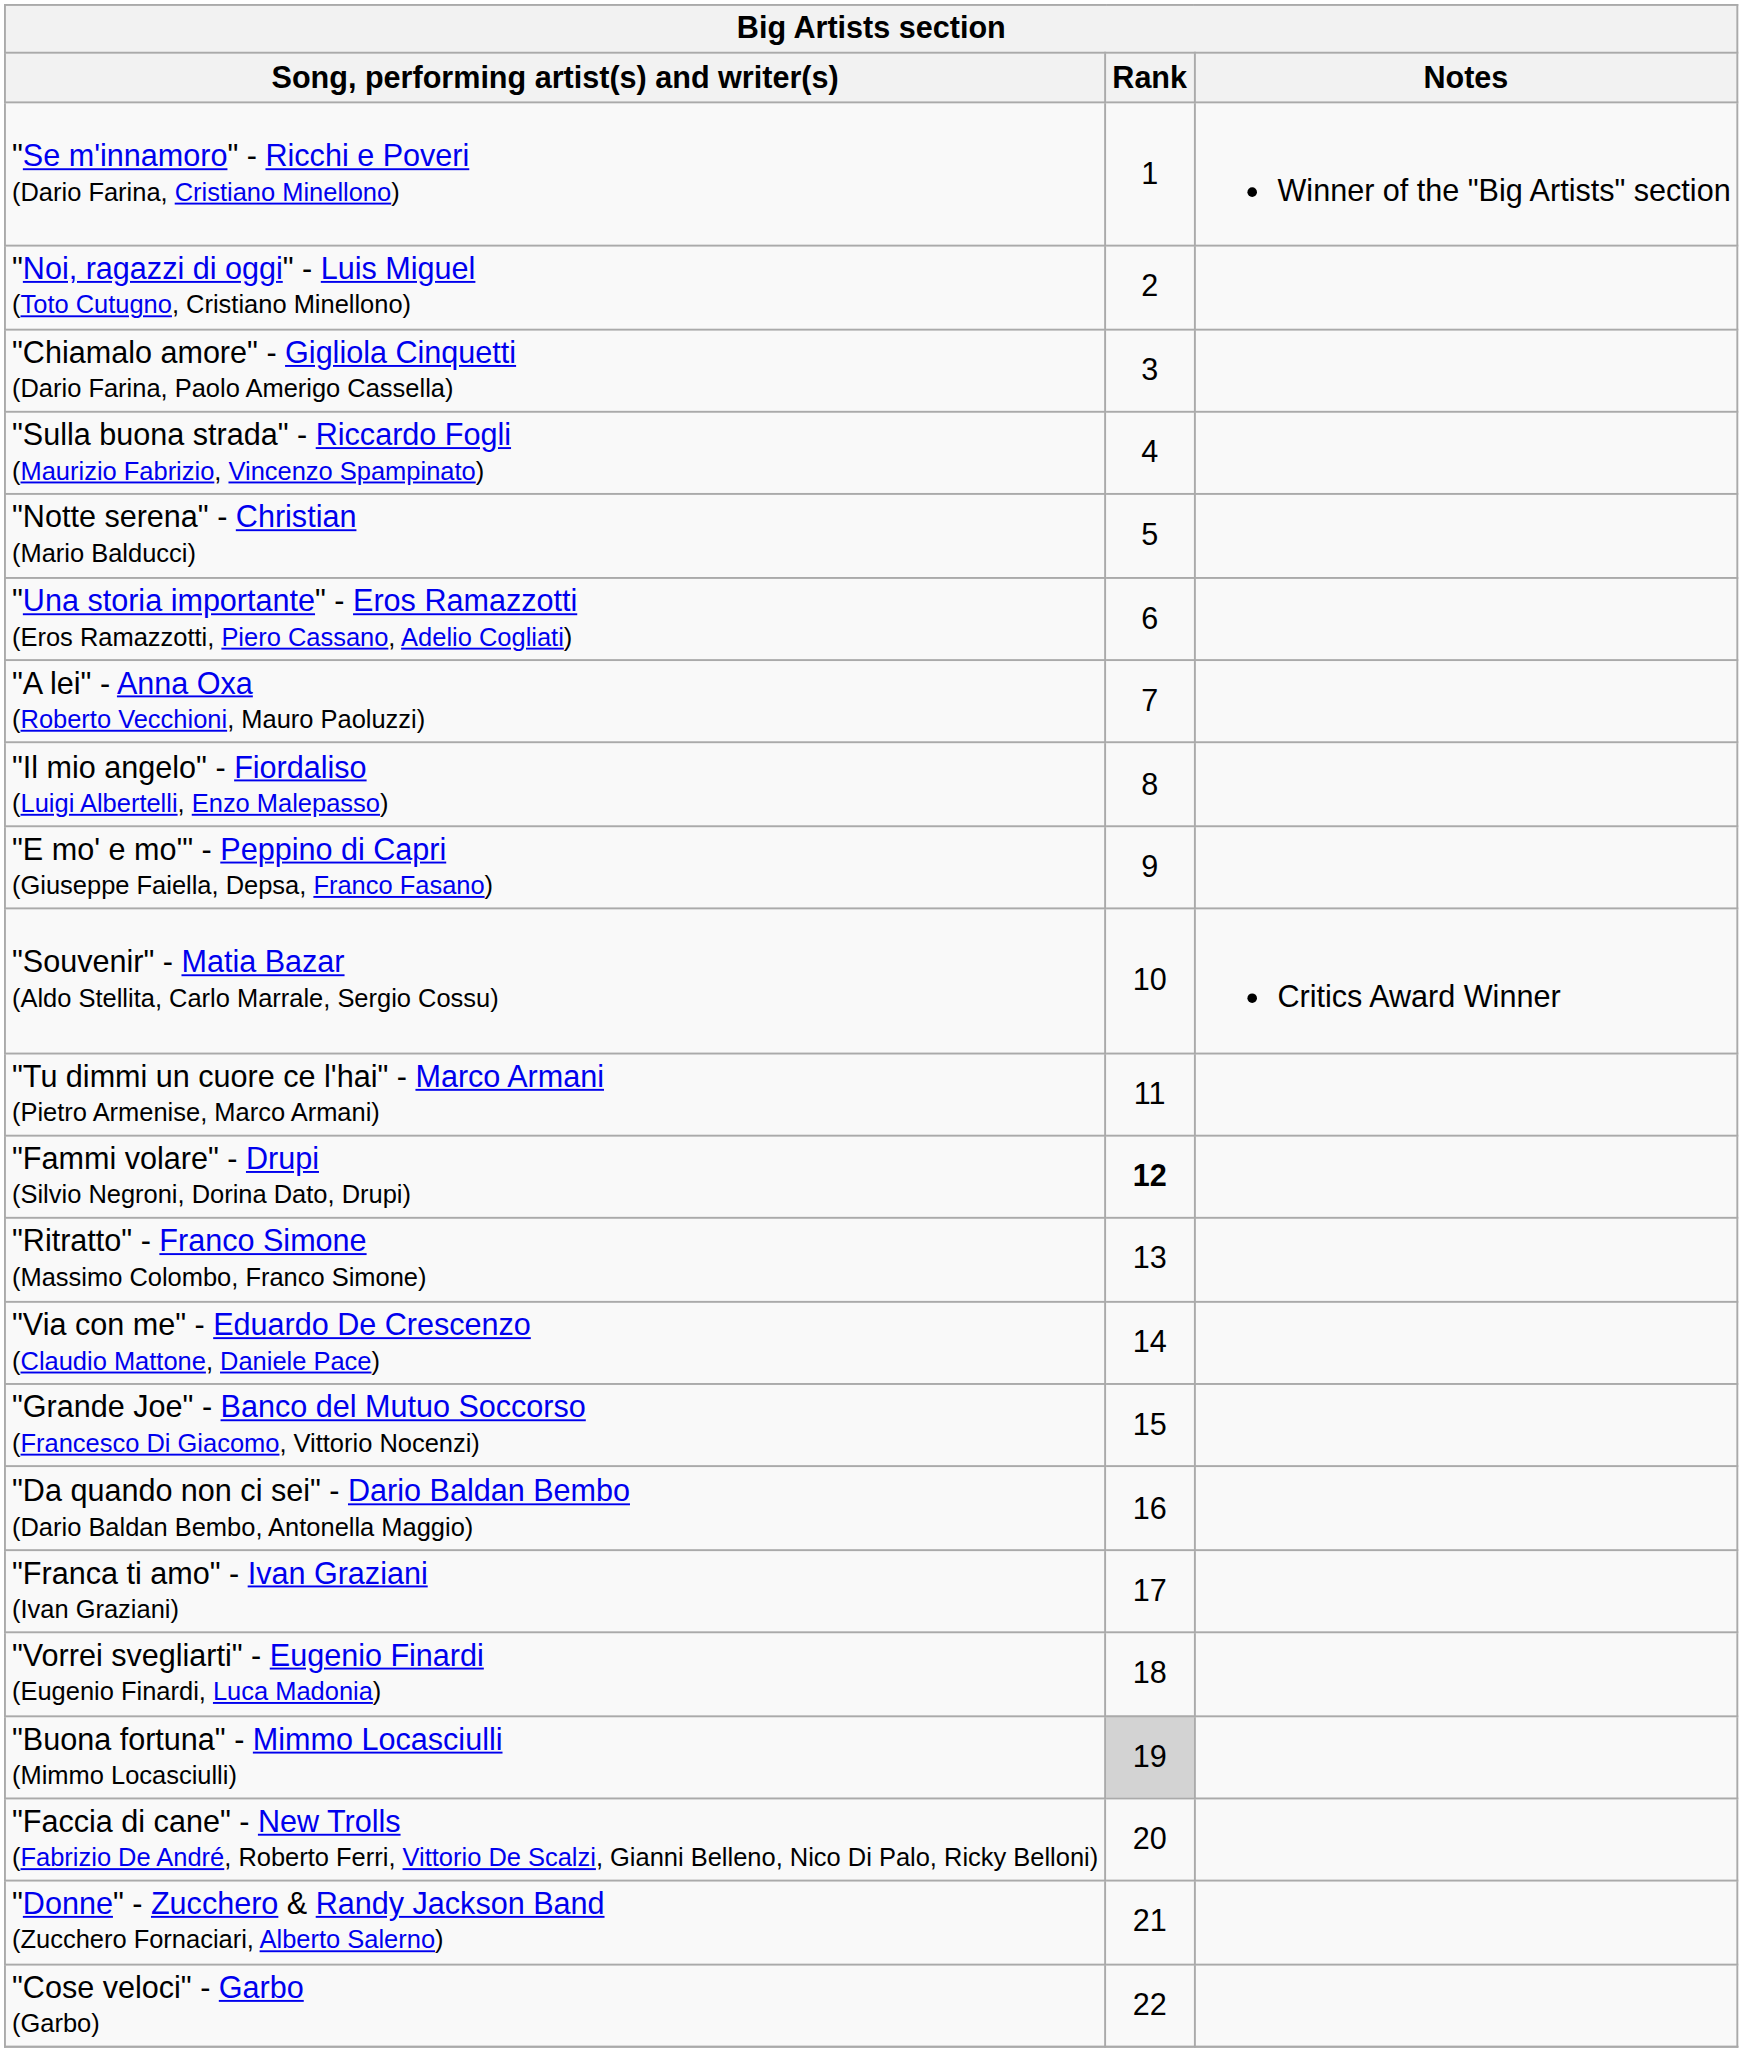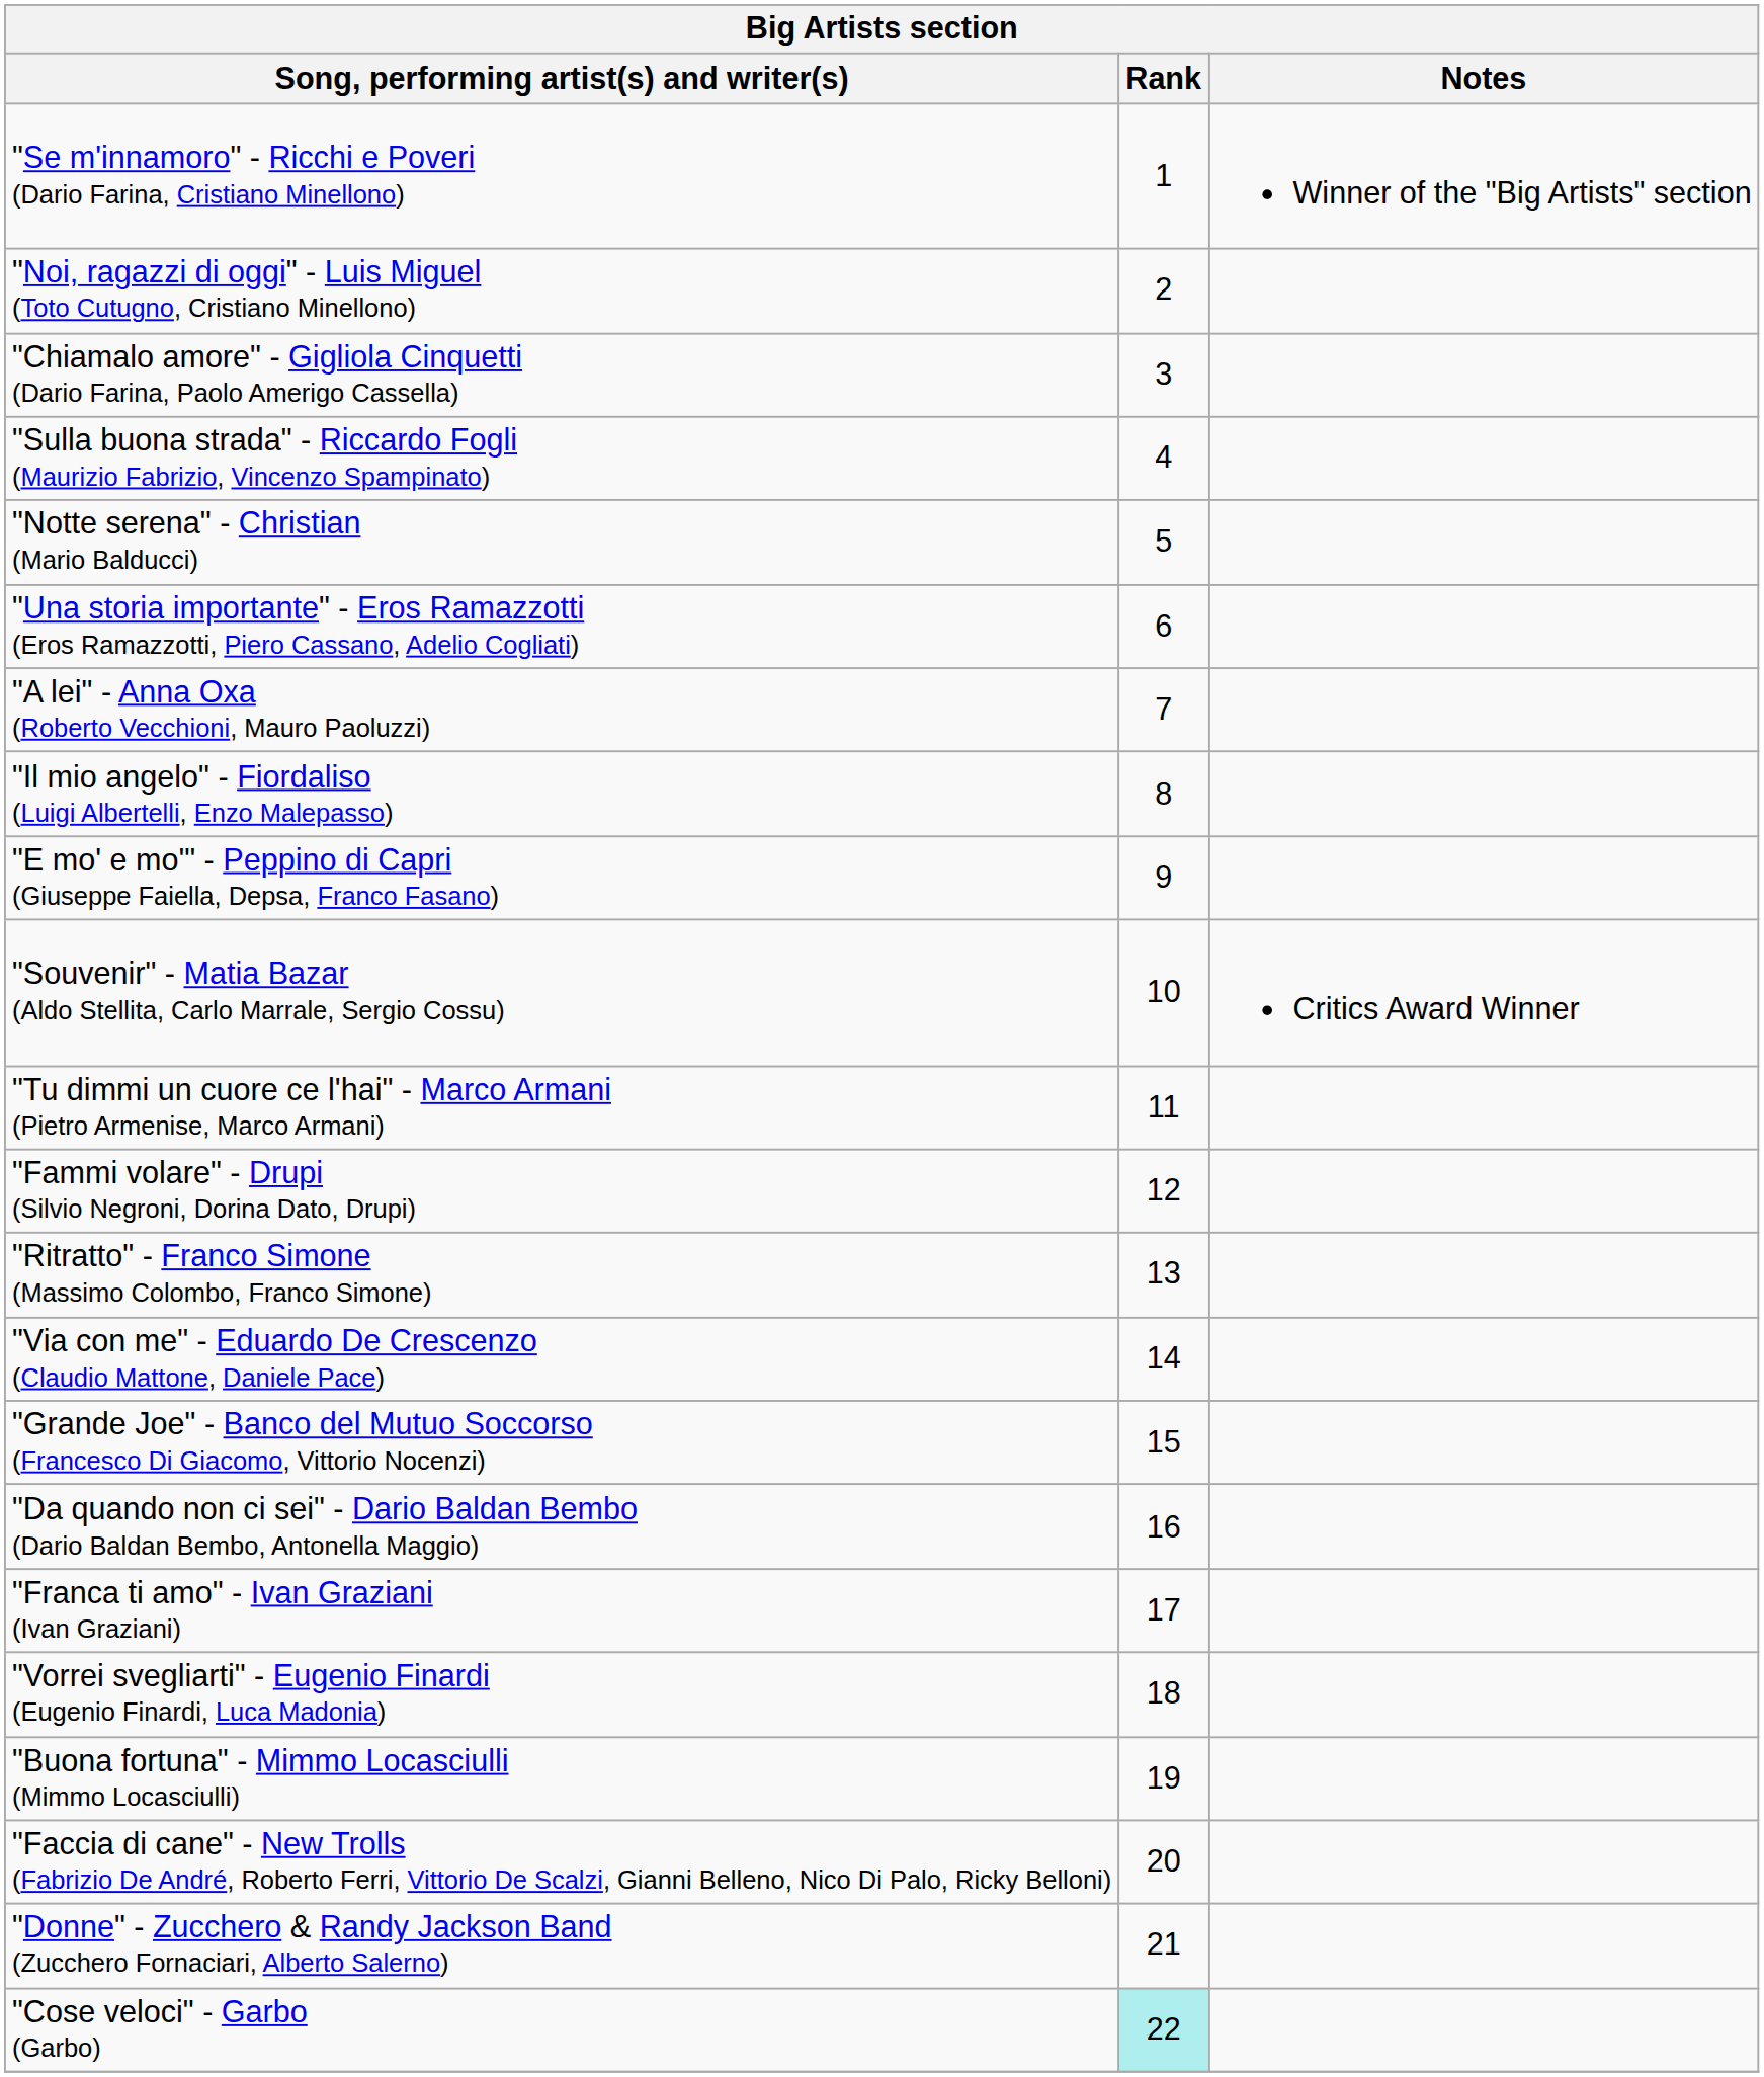 <table class="plainrowheaders wikitable">
 <tr>
 <th colspan="3">Big Artists section </th>
 </tr>
 <tr>
 <th>Song, performing artist(s) and writer(s)</th>
 <th>Rank</th>
 <th>Notes</th>
 </tr>
 <tr>
 <td>"<a href='#'>Se m'innamoro</a>" - <a href='#'>Ricchi e Poveri</a> <br><small>(Dario Farina, <a href='#'>Cristiano Minellono</a>)</small></td>
 <td align="center">1</td>
 <td><br><ul><li>Winner of the "Big Artists" section</li></ul></td>
 </tr>
 <tr>
 <td>"<a href='#'>Noi, ragazzi di oggi</a>" - <a href='#'>Luis Miguel</a><br><small>(<a href='#'>Toto Cutugno</a>, Cristiano Minellono)</small></td>
 <td align="center">2</td>
 <td></td>
 </tr>
 <tr>
 <td>"Chiamalo amore" - <a href='#'>Gigliola Cinquetti</a><br><small>(Dario Farina, Paolo Amerigo Cassella)</small></td>
 <td align="center">3</td>
 <td></td>
 </tr>
 <tr>
 <td>"Sulla buona strada" - <a href='#'>Riccardo Fogli</a><br> <small>(<a href='#'>Maurizio Fabrizio</a>, <a href='#'>Vincenzo Spampinato</a>)</small></td>
 <td align="center">4</td>
 <td></td>
 </tr>
 <tr>
 <td>"Notte serena" - <a href='#'>Christian</a><br> <small>(Mario Balducci)</small></td>
 <td align="center">5</td>
 <td></td>
 </tr>
 <tr>
 <td>"<a href='#'>Una storia importante</a>" - <a href='#'>Eros Ramazzotti</a> <br><small>(Eros Ramazzotti, <a href='#'>Piero Cassano</a>, <a href='#'>Adelio Cogliati</a>)</small></td>
 <td align="center">6</td>
 <td></td>
 </tr>
 <tr>
 <td>"A lei" - <a href='#'>Anna Oxa</a><br> <small>(<a href='#'>Roberto Vecchioni</a>, Mauro Paoluzzi)</small></td>
 <td align="center">7</td>
 <td></td>
 </tr>
 <tr>
 <td>"Il mio angelo" - <a href='#'>Fiordaliso</a><br><small>(<a href='#'>Luigi Albertelli</a>, <a href='#'>Enzo Malepasso</a>)</small></td>
 <td align="center">8</td>
 <td></td>
 </tr>
 <tr>
 <td>"E mo' e mo'" - <a href='#'>Peppino di Capri</a><br><small>(Giuseppe Faiella, Depsa, <a href='#'>Franco Fasano</a>)</small></td>
 <td align="center">9</td>
 <td></td>
 </tr>
 <tr>
 <td>"Souvenir" - <a href='#'>Matia Bazar</a><br><small>(Aldo Stellita, Carlo Marrale, Sergio Cossu)</small></td>
 <td align="center">10</td>
 <td><br><ul><li>Critics Award Winner</li></ul></td>
 </tr>
 <tr>
 <td>"Tu dimmi un cuore ce l'hai" - <a href='#'>Marco Armani</a> <br><small>(Pietro Armenise, Marco Armani)</small></td>
 <td align="center">11</td>
 <td></td>
 </tr>
 <tr>
 <td>"Fammi volare" - <a href='#'>Drupi</a><br> <small>(Silvio Negroni, Dorina Dato, Drupi)</small></td>
-<td align="center"><strong>12</strong></td>
+<td align="center">12</td>
 <td></td>
 </tr>
 <tr>
 <td>"Ritratto" - <a href='#'>Franco Simone</a><br> <small>(Massimo Colombo, Franco Simone)</small></td>
 <td align="center">13</td>
 <td></td>
 </tr>
 <tr>
 <td>"Via con me" - <a href='#'>Eduardo De Crescenzo</a><br><small>(<a href='#'>Claudio Mattone</a>, <a href='#'>Daniele Pace</a>)</small></td>
 <td align="center">14</td>
 <td></td>
 </tr>
 <tr>
 <td>"Grande Joe" - <a href='#'>Banco del Mutuo Soccorso</a> <br><small>(<a href='#'>Francesco Di Giacomo</a>, Vittorio Nocenzi)</small></td>
 <td align="center">15</td>
 <td></td>
 </tr>
 <tr>
 <td>"Da quando non ci sei" - <a href='#'>Dario Baldan Bembo</a><br><small>(Dario Baldan Bembo, Antonella Maggio)</small></td>
 <td align="center">16</td>
 <td></td>
 </tr>
 <tr>
 <td>"Franca ti amo" - <a href='#'>Ivan Graziani </a><br> <small>(Ivan Graziani)</small></td>
 <td align="center">17</td>
 <td></td>
 </tr>
 <tr>
 <td>"Vorrei svegliarti" - <a href='#'>Eugenio Finardi</a> <br><small>(Eugenio Finardi, <a href='#'>Luca Madonia</a>)</small></td>
 <td align="center">18</td>
 <td></td>
 </tr>
 <tr>
 <td>"Buona fortuna" - <a href='#'>Mimmo Locasciulli</a> <br><small>(Mimmo Locasciulli)</small></td>
-<td align="center" style="background: lightgrey;">19</td>
+<td align="center">19</td>
 <td></td>
 </tr>
 <tr>
 <td>"Faccia di cane" - <a href='#'>New Trolls</a><br><small>(<a href='#'>Fabrizio De André</a>, Roberto Ferri, <a href='#'>Vittorio De Scalzi</a>, Gianni Belleno, Nico Di Palo, Ricky Belloni)</small></td>
 <td align="center">20</td>
 <td></td>
 </tr>
 <tr>
 <td>"<a href='#'>Donne</a>" - <a href='#'>Zucchero</a> & <a href='#'>Randy Jackson Band</a> <br><small>(Zucchero Fornaciari, <a href='#'>Alberto Salerno</a>)</small></td>
 <td align="center">21</td>
 <td></td>
 </tr>
 <tr>
 <td>"Cose veloci" - <a href='#'>Garbo</a> <br><small>(Garbo)</small></td>
-<td align="center">22</td>
+<td align="center" style="background: paleturquoise;">22</td>
 <td></td>
 </tr>
 <tr>
 </tr>
 </table>
